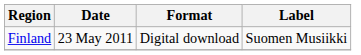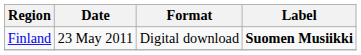 <table class=wikitable>
 <tr>
 <th>Region</th>
 <th>Date</th>
 <th>Format</th>
 <th>Label</th>
 </tr>
 <tr>
 <td><a href='#'>Finland</a></td>
 <td>23 May 2011</td>
 <td>Digital download</td>
-<td>Suomen Musiikki</td>
+<td><strong>Suomen Musiikki</strong></td>
 </tr>
 <tr>
 </tr>
 </table>
